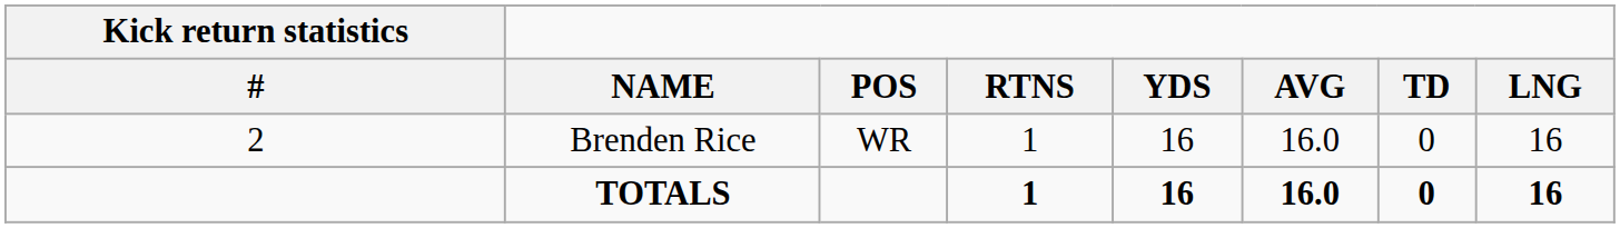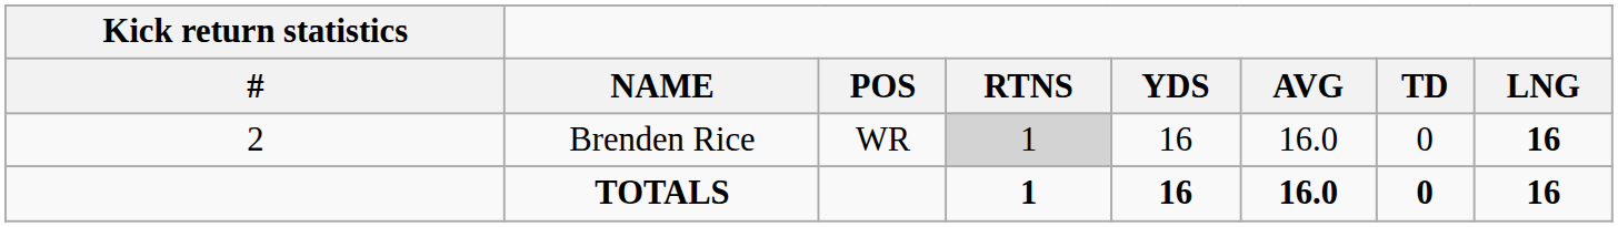 <table style="width:60%; text-align:center;" class="wikitable collapsible collapsed">
 <tr>
 <th style="text-align:center; ">Kick return statistics</th>
 </tr>
 <tr>
 <th>#</th>
 <th>NAME</th>
 <th>POS</th>
 <th>RTNS</th>
 <th>YDS</th>
 <th>AVG</th>
 <th>TD</th>
 <th>LNG</th>
 </tr>
 <tr>
 <td>2</td>
 <td>Brenden Rice</td>
 <td>WR</td>
-<td>1</td>
+<td style="background: lightgrey;">1</td>
 <td>16</td>
 <td>16.0</td>
 <td>0</td>
-<td>16</td>
+<td><strong>16</strong></td>
 </tr>
 <tr>
 <td></td>
 <td><strong>TOTALS</strong></td>
 <td></td>
 <td><strong>1</strong></td>
 <td><strong>16</strong></td>
 <td><strong>16.0</strong></td>
 <td><strong>0</strong></td>
 <td><strong>16</strong></td>
 </tr>
 </table>
